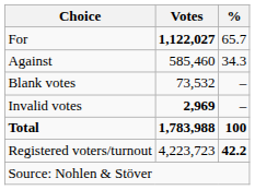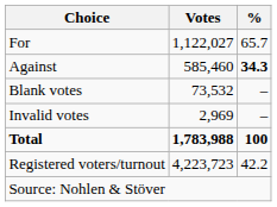 <table class=wikitable style=text-align:right>
 <tr>
 <th>Choice</th>
 <th>Votes</th>
 <th>%</th>
 </tr>
 <tr>
 <td align=left>For</td>
-<td><strong>1,122,027</strong></td>
+<td>1,122,027</td>
 <td>65.7</td>
 </tr>
 <tr>
 <td align=left>Against</td>
 <td>585,460</td>
-<td>34.3</td>
+<td><strong>34.3</strong></td>
 </tr>
 <tr>
 <td align=left>Blank votes</td>
 <td>73,532</td>
 <td>–</td>
 </tr>
 <tr>
 <td align=left>Invalid votes</td>
-<td><strong>2,969</strong></td>
+<td>2,969</td>
 <td>–</td>
 </tr>
 <tr>
 <td align=left><strong>Total</strong></td>
 <td><strong>1,783,988</strong></td>
 <td><strong>100</strong></td>
 </tr>
 <tr>
 <td align=left>Registered voters/turnout</td>
 <td>4,223,723</td>
-<td><strong>42.2</strong></td>
+<td>42.2</td>
 </tr>
 <tr>
 <td align=left colspan=3>Source: Nohlen & Stöver</td>
 </tr>
 </table>
